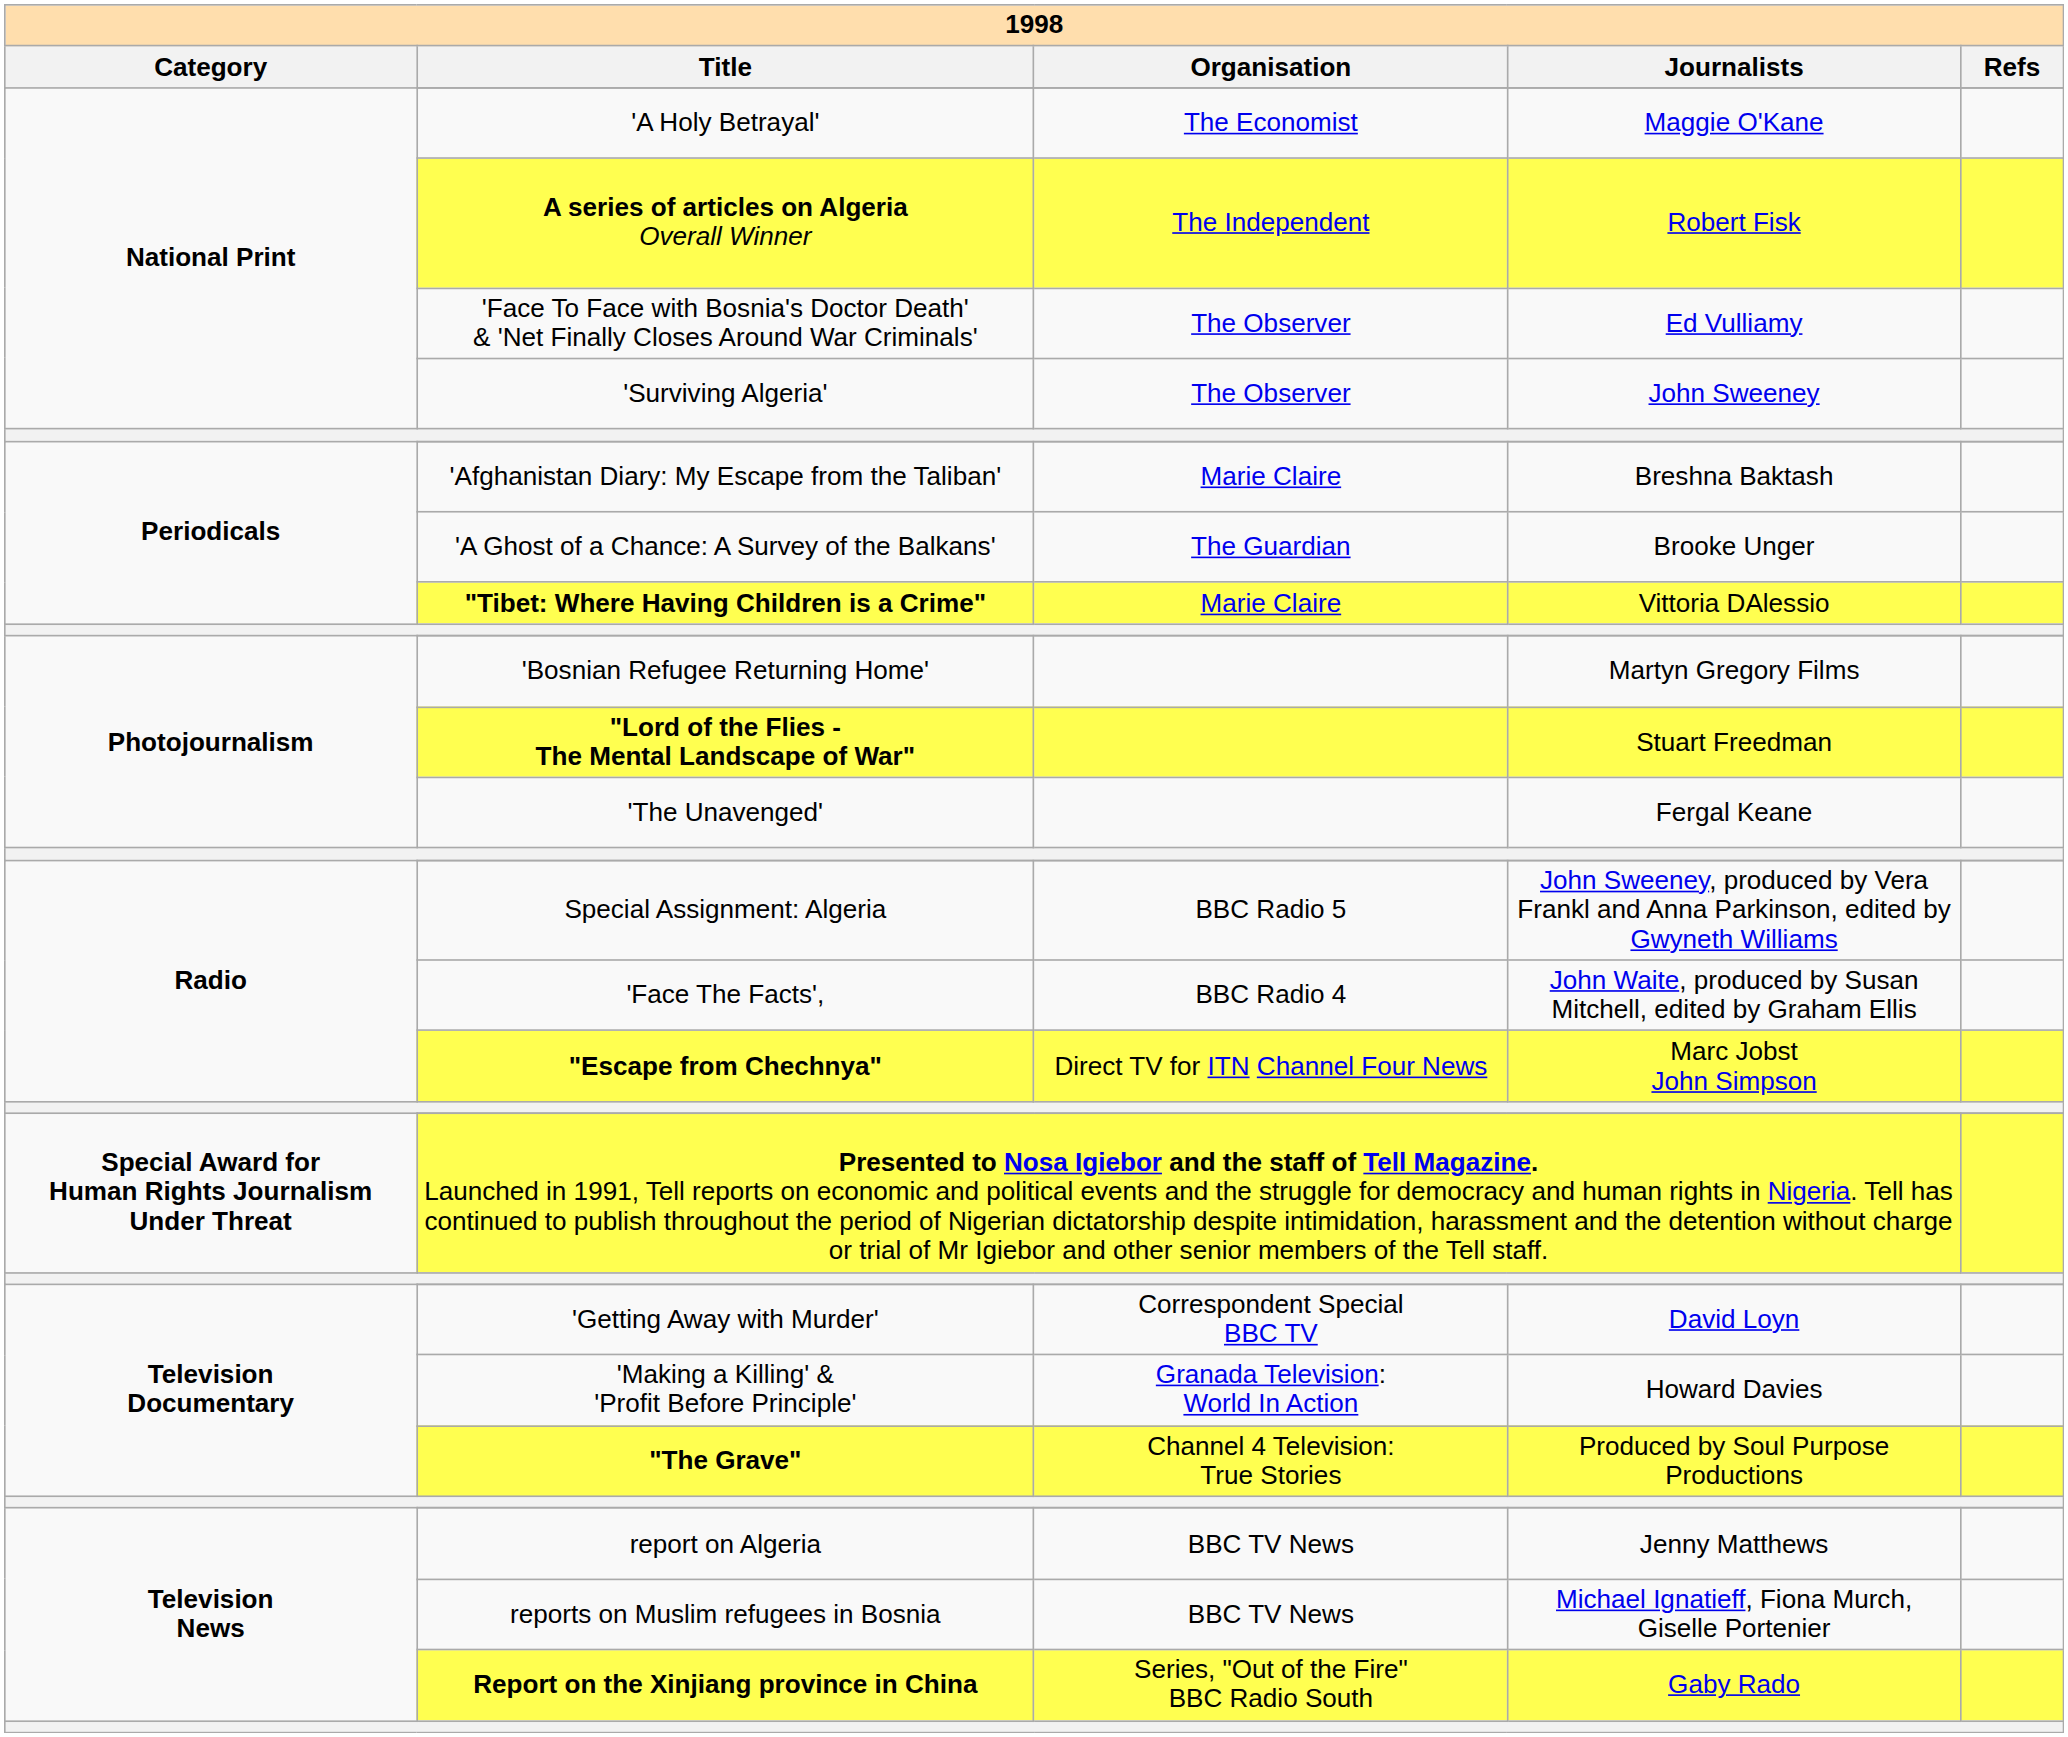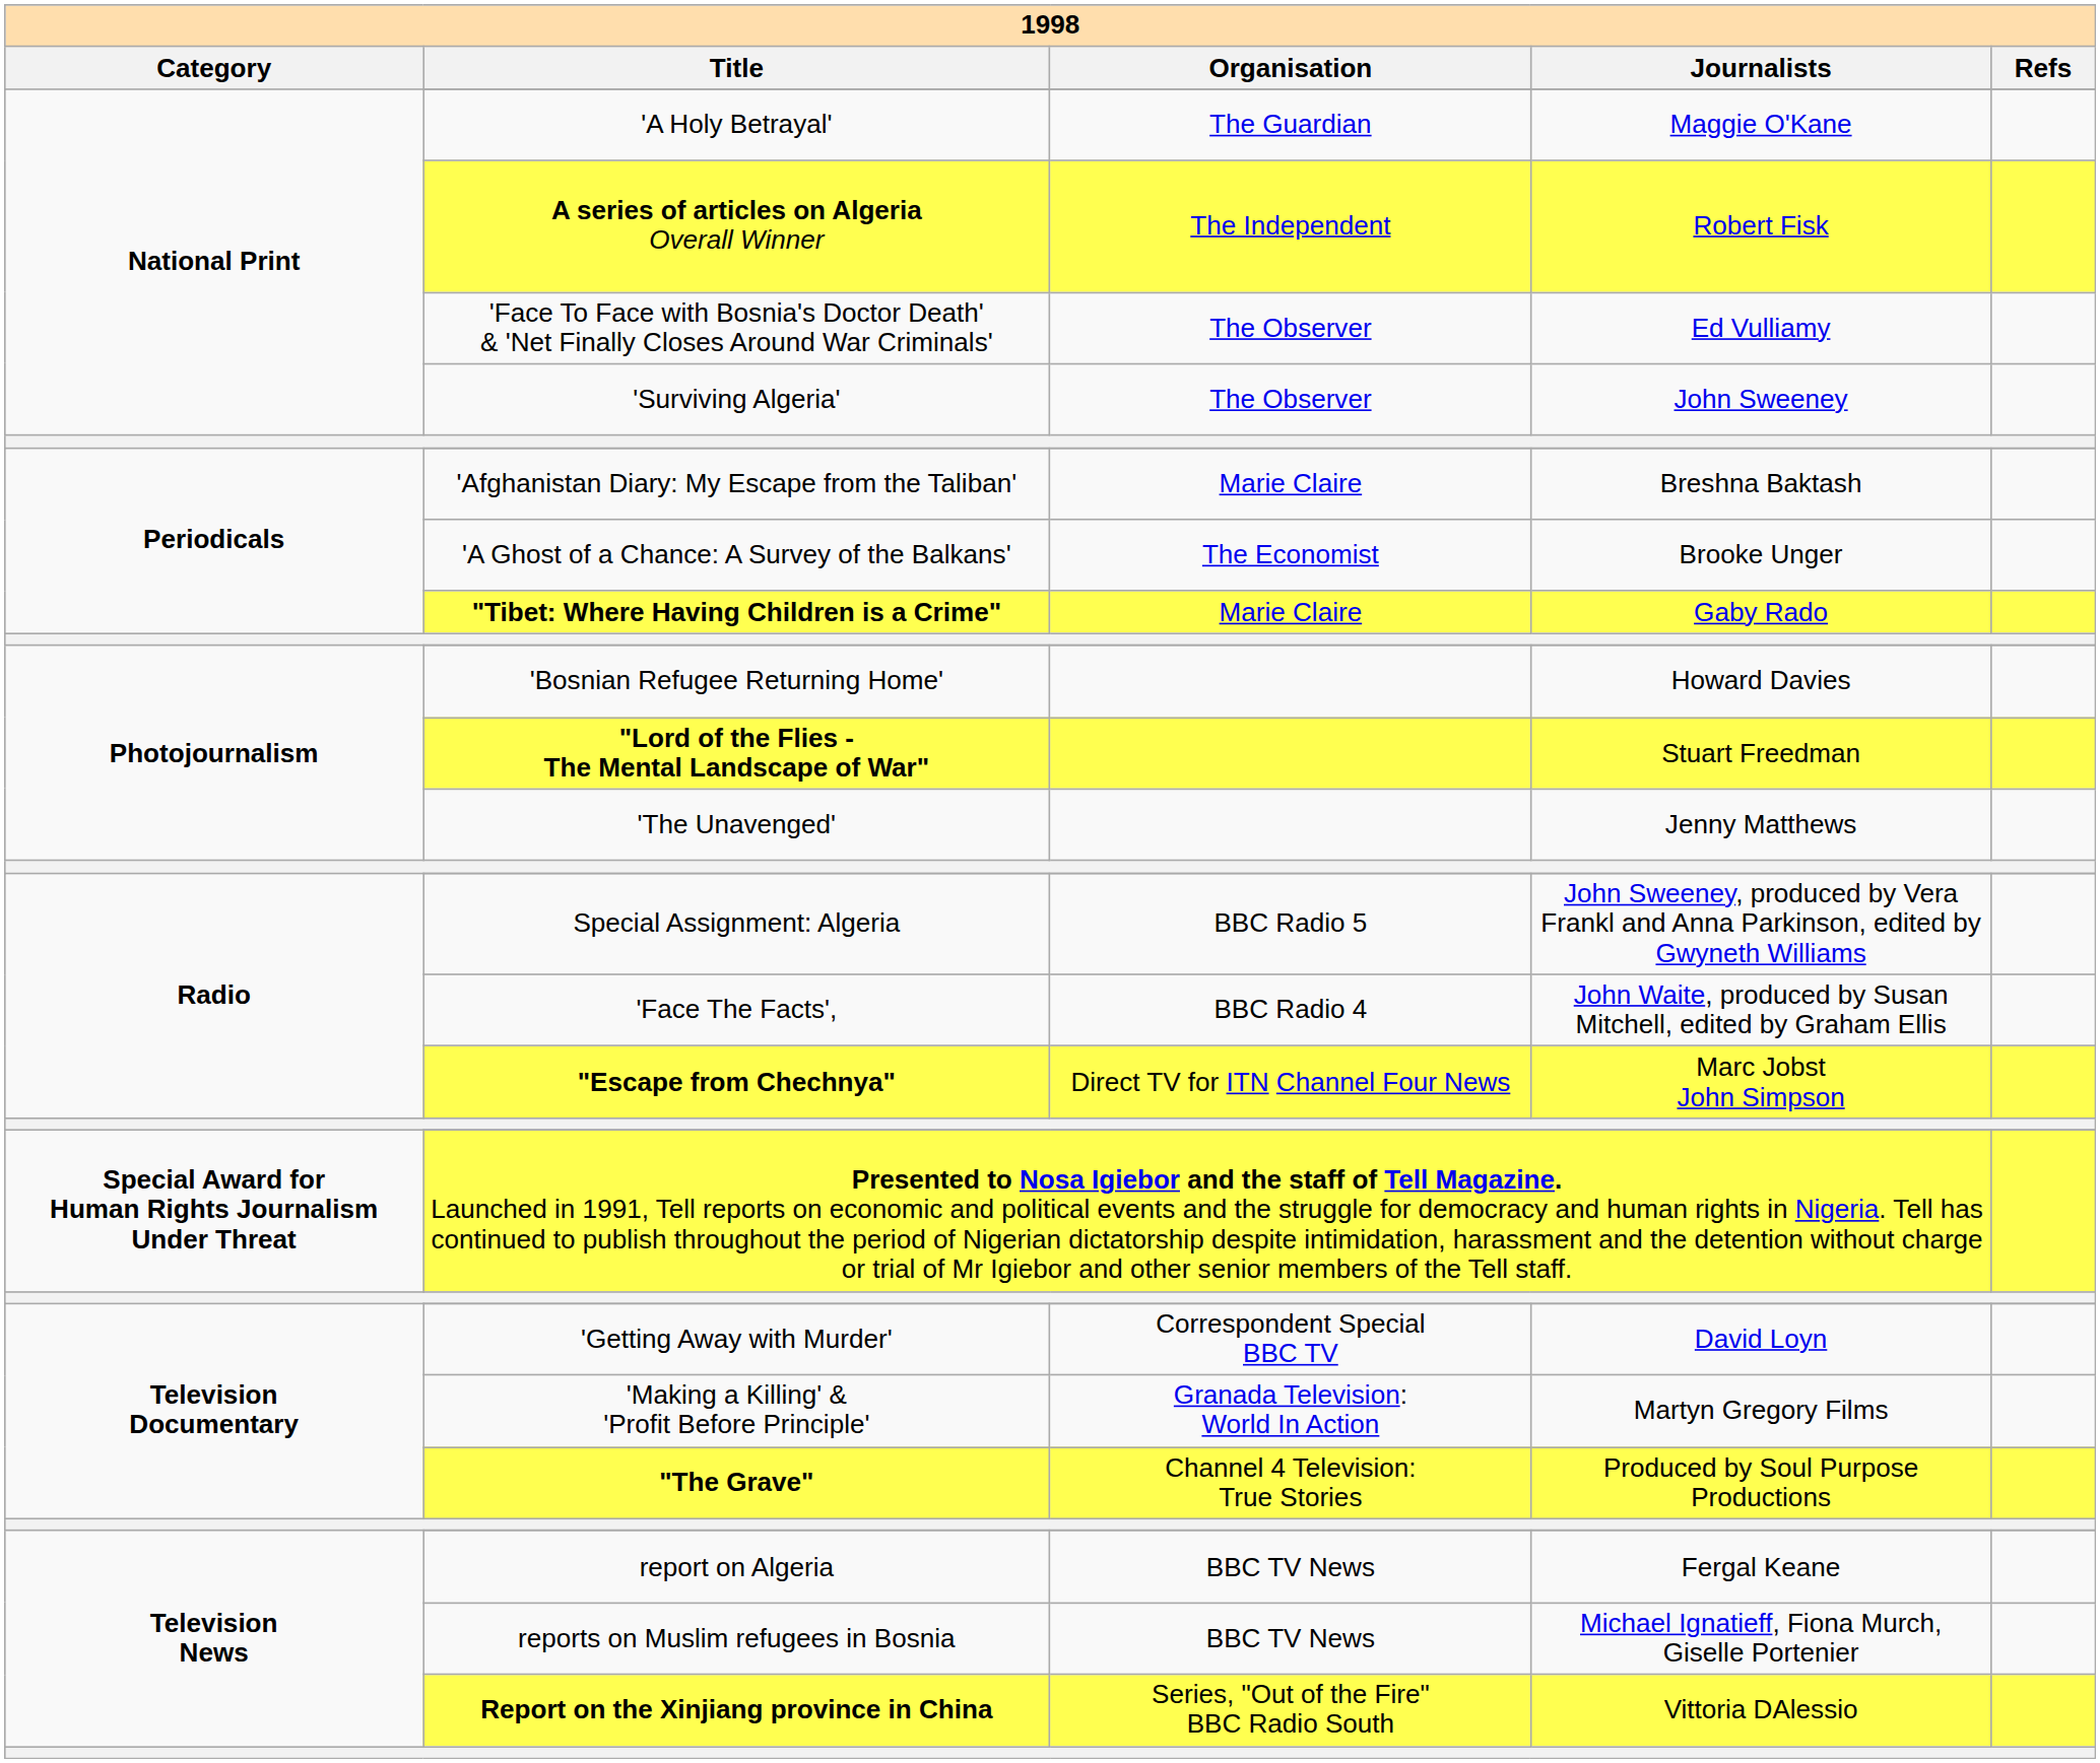 <table class="wikitable" width="100%" border="1" cellpadding="5" cellspacing="0" align="centre">
 <tr>
 <td colspan="5" style="background:#ffdead" align="center"><strong>1998</strong></td>
 </tr>
 <tr>
 <th width=20%>Category</th>
 <th width=30%>Title</th>
 <th width=23%>Organisation</th>
 <th width=22%>Journalists</th>
 <th width=5%>Refs</th>
 </tr>
 <tr>
 <td rowspan="5" align="center"><strong>National Print</strong></td>
 </tr>
 <tr>
 <td align="center">'A Holy Betrayal'</td>
-<td align="center"><a href='#'>The Economist</a></td>
+<td align="center"><a href='#'>The Guardian</a></td>
 <td align="center"><a href='#'>Maggie O'Kane</a></td>
 <td align="center"><br><br></td>
 </tr>
 <tr>
 <td align="center" style="background:#ffff50;"><strong>A series of articles on Algeria</strong> <br><em>Overall Winner</em></td>
 <td align="center" style="background:#ffff50;"><a href='#'>The Independent</a></td>
 <td align="center" style="background:#ffff50;"><a href='#'>Robert Fisk</a></td>
 <td align="center" style="background:#ffff50;"><br><br><br><br></td>
 </tr>
 <tr>
 <td align="center">'Face To Face with Bosnia's Doctor Death'<br>& 'Net Finally Closes Around War Criminals'</td>
 <td align="center"><a href='#'>The Observer</a></td>
 <td align="center"><a href='#'>Ed Vulliamy</a></td>
 <td align="center"><br></td>
 </tr>
 <tr>
 <td align="center">'Surviving Algeria'</td>
 <td align="center"><a href='#'>The Observer</a></td>
 <td align="center"><a href='#'>John Sweeney</a></td>
 <td align="center"><br><br></td>
 </tr>
 <tr>
 <td colspan="6" align="center" style="background:#f2f2f2"></td>
 </tr>
 <tr>
 <td rowspan="4" align="center"><strong>Periodicals</strong></td>
 </tr>
 <tr>
 <td align="center">'Afghanistan Diary: My Escape from the Taliban'</td>
 <td align="center"><a href='#'>Marie Claire</a></td>
 <td align="center">Breshna Baktash</td>
 <td align="center"><br><br></td>
 </tr>
 <tr>
 <td align="center">'A Ghost of a Chance: A Survey of the Balkans'</td>
-<td align="center"><a href='#'>The Guardian</a></td>
+<td align="center"><a href='#'>The Economist</a></td>
 <td align="center">Brooke Unger</td>
 <td align="center"><br><br></td>
 </tr>
 <tr>
 <td align="center" style="background:#ffff50;"><strong>"Tibet: Where Having Children is a Crime"</strong></td>
 <td align="center" style="background:#ffff50;"><a href='#'>Marie Claire</a></td>
-<td align="center" style="background:#ffff50;">Vittoria DAlessio</td>
+<td align="center" style="background:#ffff50;"><a href='#'>Gaby Rado</a></td>
 <td align="center" style="background:#ffff50;"><br></td>
 </tr>
 <tr>
 <td colspan="6" align="center" style="background:#f2f2f2"></td>
 </tr>
 <tr>
 <td rowspan="4" align="center"><strong>Photojournalism</strong></td>
 </tr>
 <tr>
 <td align="center">'Bosnian Refugee Returning Home'</td>
 <td align="center"></td>
-<td align="center">Martyn Gregory Films</td>
+<td align="center">Howard Davies</td>
 <td align="center"><br> <br></td>
 </tr>
 <tr>
 <td align="center" style="background:#ffff50;"><strong>"Lord of the Flies -<br>The Mental Landscape of War"</strong></td>
 <td align="center" style="background:#ffff50;"></td>
 <td align="center" style="background:#ffff50;">Stuart Freedman</td>
 <td align="center" style="background:#ffff50;"><br><br></td>
 </tr>
 <tr>
 <td align="center">'The Unavenged'</td>
 <td align="center"></td>
-<td align="center">Fergal Keane</td>
+<td align="center">Jenny Matthews</td>
 <td align="center"><br><br></td>
 </tr>
 <tr>
 <td colspan="6" align="center" style="background:#f2f2f2"></td>
 </tr>
 <tr>
 <td rowspan="4" align="center"><strong>Radio</strong></td>
 </tr>
 <tr>
 <td align="center">Special Assignment: Algeria</td>
 <td align="center">BBC Radio 5</td>
 <td align="center"><a href='#'>John Sweeney</a>, produced by Vera Frankl and Anna Parkinson, edited by <a href='#'>Gwyneth Williams</a></td>
 <td align="center"><br><br></td>
 </tr>
 <tr>
 <td align="center">'Face The Facts',</td>
 <td align="center">BBC Radio 4</td>
 <td align="center"><a href='#'>John Waite</a>, produced by Susan Mitchell, edited by Graham Ellis</td>
 <td align="center"><br><br></td>
 </tr>
 <tr>
 <td align="center" style="background:#ffff50;"><strong>"Escape from Chechnya"</strong></td>
 <td align="center" style="background:#ffff50;">Direct TV for <a href='#'>ITN</a> <a href='#'>Channel Four News</a></td>
 <td align="center" style="background:#ffff50;">Marc Jobst<br><a href='#'>John Simpson</a></td>
 <td align="center" style="background:#ffff50;"><br><br></td>
 </tr>
 <tr>
 <td colspan="6" align="center" style="background:#f2f2f2"></td>
 </tr>
 <tr>
 <td rowspan="2" align="center"><strong>Special Award for<br>Human Rights Journalism<br>Under Threat</strong></td>
 </tr>
 <tr>
 <td colspan="3" align="center" style="background:#ffff50;"><br><strong>Presented to <a href='#'>Nosa Igiebor</a> and the staff of <a href='#'>Tell Magazine</a>.</strong><br>Launched in 1991, Tell reports on economic and political events and the struggle for democracy and human rights in <a href='#'>Nigeria</a>. Tell has continued to publish throughout the period of Nigerian dictatorship despite intimidation, harassment and the detention without charge or trial of Mr Igiebor and other senior members of the Tell staff.</td>
 <td align="center" style="background:#ffff50;"></td>
 </tr>
 <tr>
 <td colspan="6" align="center" style="background:#f2f2f2"></td>
 </tr>
 <tr>
 <td rowspan="4" align="center"><strong>Television<br>Documentary</strong></td>
 </tr>
 <tr>
 <td align="center">'Getting Away with Murder'</td>
 <td align="center">Correspondent Special<br> <a href='#'>BBC TV</a></td>
 <td align="center"><a href='#'>David Loyn</a></td>
 <td align="center"><br></td>
 </tr>
 <tr>
 <td align="center">'Making a Killing' &<br>'Profit Before Principle'</td>
 <td align="center"><a href='#'>Granada Television</a>:<br> <a href='#'>World In Action</a></td>
-<td align="center">Howard Davies</td>
+<td align="center">Martyn Gregory Films</td>
 <td align="center"><br></td>
 </tr>
 <tr>
 <td align="center" style="background:#ffff50;"><strong>"The Grave"</strong></td>
 <td align="center" style="background:#ffff50;">Channel 4 Television:<br> True Stories</td>
 <td align="center" style="background:#ffff50;">Produced by Soul Purpose Productions</td>
 <td align="center" style="background:#ffff50;"></td>
 </tr>
 <tr>
 <td colspan="6" align="center" style="background:#f2f2f2"></td>
 </tr>
 <tr>
 <td rowspan="4" align="center"><strong>Television<br>News</strong></td>
 </tr>
 <tr>
 <td align="center">report on Algeria</td>
 <td align="center">BBC TV News</td>
-<td align="center">Jenny Matthews</td>
+<td align="center">Fergal Keane</td>
 <td align="center"><br><br></td>
 </tr>
 <tr>
 <td align="center">reports on Muslim refugees in Bosnia</td>
 <td align="center">BBC TV News</td>
 <td align="center"><a href='#'>Michael Ignatieff</a>, Fiona Murch, Giselle Portenier</td>
 <td align="center"><br><br></td>
 </tr>
 <tr>
 <td align="center" style="background:#ffff50;"><strong>Report on the Xinjiang province in China</strong></td>
 <td align="center" style="background:#ffff50;">Series, "Out of the Fire"<br>BBC Radio South</td>
-<td align="center" style="background:#ffff50;"><a href='#'>Gaby Rado</a></td>
+<td align="center" style="background:#ffff50;">Vittoria DAlessio</td>
 <td align="center" style="background:#ffff50;"><br></td>
 </tr>
 <tr>
 <td colspan="6" align="center" style="background:#f2f2f2"></td>
 </tr>
 </table>
